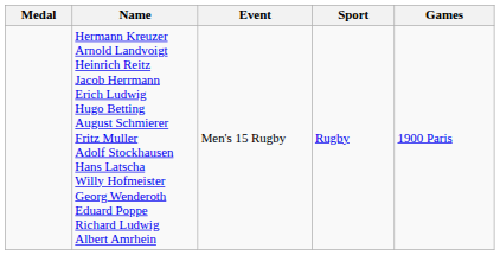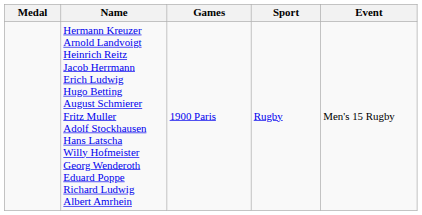 <table class="wikitable sortable">
 <tr>
 <th style="width:6em">Medal</th>
 <th style="width:12em">Name</th>
+<th style="width:10em">Games</th>
+<th style="width:8em">Sport</th>
 <th style="width:12em">Event</th>
-<th style="width:8em">Sport</th>
-<th style="width:10em">Games</th>
 </tr>
 <tr>
 <td></td>
 <td><a href='#'>Hermann Kreuzer</a><br><a href='#'>Arnold Landvoigt</a><br><a href='#'>Heinrich Reitz</a><br><a href='#'>Jacob Herrmann</a><br><a href='#'>Erich Ludwig</a><br><a href='#'>Hugo Betting</a><br><a href='#'>August Schmierer</a><br><a href='#'>Fritz Muller</a><br><a href='#'>Adolf Stockhausen</a><br><a href='#'>Hans Latscha</a><br><a href='#'>Willy Hofmeister</a><br><a href='#'>Georg Wenderoth</a><br><a href='#'>Eduard Poppe</a><br><a href='#'>Richard Ludwig</a><br><a href='#'>Albert Amrhein</a></td>
+<td> <a href='#'>1900 Paris</a></td>
+<td> <a href='#'>Rugby</a></td>
 <td>Men's 15 Rugby</td>
-<td> <a href='#'>Rugby</a></td>
-<td> <a href='#'>1900 Paris</a></td>
 </tr>
 </table>
